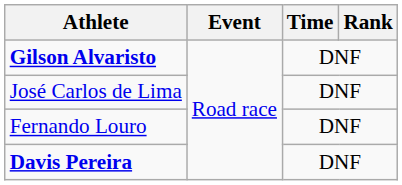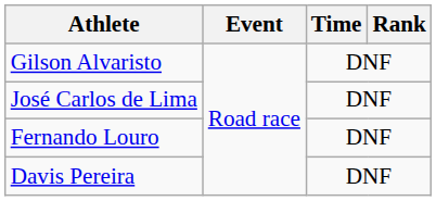 <table class=wikitable style="font-size:90%">
 <tr>
 <th>Athlete</th>
 <th>Event</th>
 <th>Time</th>
 <th>Rank</th>
 </tr>
 <tr align=center>
-<td align=left rowspan=1><strong><a href='#'>Gilson Alvaristo</a></strong></td>
+<td align=left rowspan=1><a href='#'>Gilson Alvaristo</a></td>
 <td align=left rowspan=4><a href='#'>Road race</a></td>
 <td align=center colspan=2>DNF</td>
 </tr>
 <tr align=center>
 <td align=left rowspan=1><a href='#'>José Carlos de Lima</a></td>
 <td align=center colspan=2>DNF</td>
 </tr>
 <tr align=center>
 <td align=left rowspan=1><a href='#'>Fernando Louro</a></td>
 <td align=center colspan=2>DNF</td>
 </tr>
 <tr align=center>
-<td align=left rowspan=1><strong><a href='#'>Davis Pereira</a></strong></td>
+<td align=left rowspan=1><a href='#'>Davis Pereira</a></td>
 <td align=center colspan=2>DNF</td>
 </tr>
 </table>
